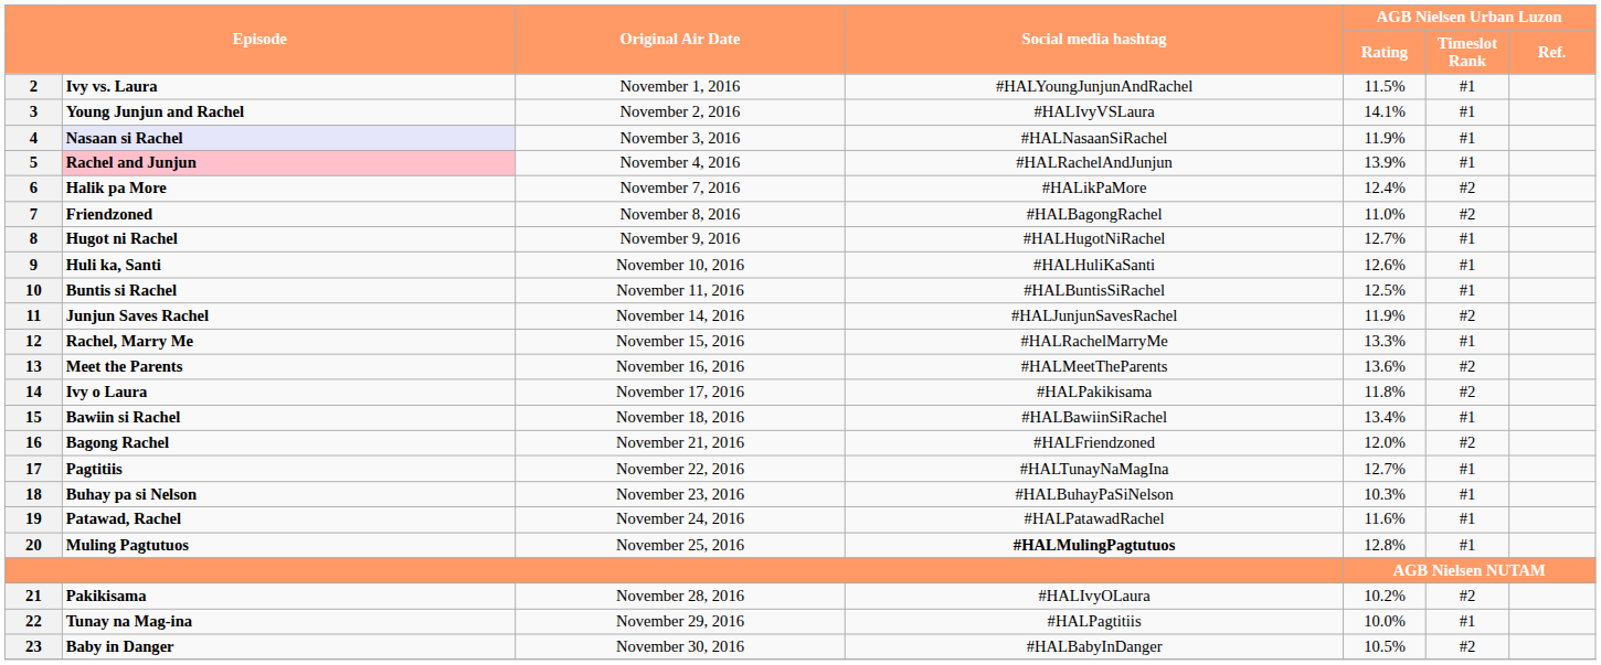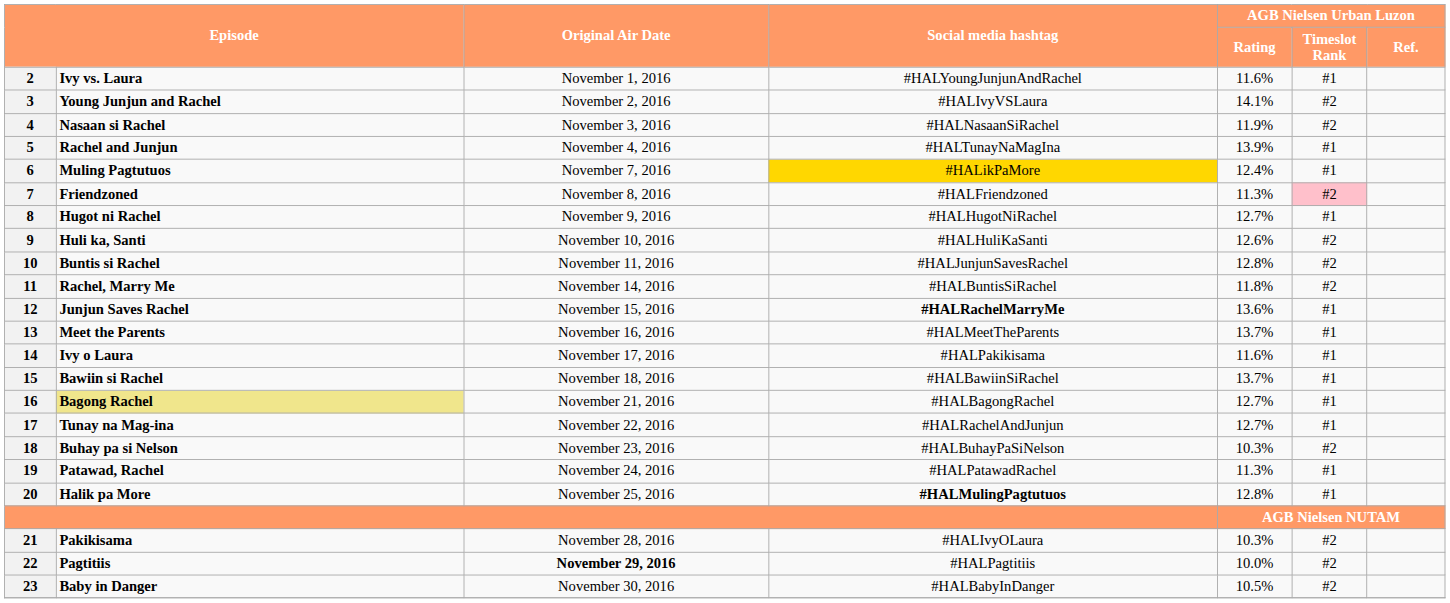 <table class="wikitable" style="text-align:center; font-size:100%; line-height:18px;"  width="100%">
 <tr>
 <th colspan="2" rowspan="2" style="background-color:#FF9966; color:#ffffff;">Episode</th>
 <th style="background:#FF9966; color:white" rowspan="2">Original Air Date</th>
 <th style="background:#FF9966; color:white" rowspan="2">Social media hashtag</th>
 <th style="background-color:#FF9966; color:#ffffff;" colspan="3">AGB Nielsen Urban Luzon</th>
 </tr>
 <tr>
 <th style="background-color:#FF9966; width:75px; color:#ffffff;">Rating</th>
 <th style="background-color:#FF9966; width:75px; color:#ffffff;">Timeslot<br>Rank</th>
 <th style="background-color:#FF9966; color:#ffffff;">Ref.</th>
 </tr>
 <tr>
 <th>2</th>
 <td style="text-align: left;"><strong>Ivy vs. Laura</strong></td>
 <td>November 1, 2016</td>
 <td>#HALYoungJunjunAndRachel</td>
-<td>11.5%</td>
+<td>11.6%</td>
 <td>#1</td>
 <td></td>
 </tr>
 <tr>
 <th>3</th>
 <td style="text-align: left;"><strong>Young Junjun and Rachel</strong></td>
 <td>November 2, 2016</td>
 <td>#HALIvyVSLaura</td>
 <td>14.1%</td>
-<td>#1</td>
+<td>#2</td>
 <td></td>
 </tr>
 <tr>
 <th>4</th>
-<td style="background: lavender; text-align: left;"><strong>Nasaan si Rachel</strong></td>
+<td style="text-align: left;"><strong>Nasaan si Rachel</strong></td>
 <td>November 3, 2016</td>
 <td>#HALNasaanSiRachel</td>
 <td>11.9%</td>
-<td>#1</td>
+<td>#2</td>
 <td></td>
 </tr>
 <tr>
 <th>5</th>
-<td style="background: pink; text-align: left;"><strong>Rachel and Junjun</strong></td>
+<td style="text-align: left;"><strong>Rachel and Junjun</strong></td>
 <td>November 4, 2016</td>
-<td>#HALRachelAndJunjun</td>
+<td>#HALTunayNaMagIna</td>
 <td>13.9%</td>
 <td>#1</td>
 <td></td>
 </tr>
 <tr>
 <th>6</th>
-<td style="text-align: left;"><strong>Halik pa More</strong></td>
+<td style="text-align: left;"><strong>Muling Pagtutuos</strong></td>
 <td>November 7, 2016</td>
-<td>#HALikPaMore</td>
+<td style="background: gold;">#HALikPaMore</td>
 <td>12.4%</td>
-<td>#2</td>
+<td>#1</td>
 <td></td>
 </tr>
 <tr>
 <th>7</th>
 <td style="text-align: left;"><strong>Friendzoned</strong></td>
 <td>November 8, 2016</td>
-<td>#HALBagongRachel</td>
-<td>11.0%</td>
-<td>#2</td>
+<td>#HALFriendzoned</td>
+<td>11.3%</td>
+<td style="background: pink;">#2</td>
 <td></td>
 </tr>
 <tr>
 <th>8</th>
 <td style="text-align: left;"><strong>Hugot ni Rachel</strong></td>
 <td>November 9, 2016</td>
 <td>#HALHugotNiRachel</td>
 <td>12.7%</td>
 <td>#1</td>
 <td></td>
 </tr>
 <tr>
 <th>9</th>
 <td style="text-align: left;"><strong>Huli ka, Santi</strong></td>
 <td>November 10, 2016</td>
 <td>#HALHuliKaSanti</td>
 <td>12.6%</td>
-<td>#1</td>
+<td>#2</td>
 <td></td>
 </tr>
 <tr>
 <th>10</th>
 <td style="text-align: left;"><strong>Buntis si Rachel</strong></td>
 <td>November 11, 2016</td>
-<td>#HALBuntisSiRachel</td>
-<td>12.5%</td>
-<td>#1</td>
+<td>#HALJunjunSavesRachel</td>
+<td>12.8%</td>
+<td>#2</td>
 <td></td>
 </tr>
 <tr>
 <th>11</th>
-<td style="text-align: left;"><strong>Junjun Saves Rachel</strong></td>
+<td style="text-align: left;"><strong>Rachel, Marry Me</strong></td>
 <td>November 14, 2016</td>
-<td>#HALJunjunSavesRachel</td>
-<td>11.9%</td>
+<td>#HALBuntisSiRachel</td>
+<td>11.8%</td>
 <td>#2</td>
 <td></td>
 </tr>
 <tr>
 <th>12</th>
-<td style="text-align: left;"><strong>Rachel, Marry Me</strong></td>
+<td style="text-align: left;"><strong>Junjun Saves Rachel</strong></td>
 <td>November 15, 2016</td>
-<td>#HALRachelMarryMe</td>
-<td>13.3%</td>
+<td><strong>#HALRachelMarryMe</strong></td>
+<td>13.6%</td>
 <td>#1</td>
 <td></td>
 </tr>
 <tr>
 <th>13</th>
 <td style="text-align: left;"><strong>Meet the Parents</strong></td>
 <td>November 16, 2016</td>
 <td>#HALMeetTheParents</td>
-<td>13.6%</td>
-<td>#2</td>
+<td>13.7%</td>
+<td>#1</td>
 <td></td>
 </tr>
 <tr>
 <th>14</th>
 <td style="text-align: left;"><strong>Ivy o Laura</strong></td>
 <td>November 17, 2016</td>
 <td>#HALPakikisama</td>
-<td>11.8%</td>
-<td>#2</td>
+<td>11.6%</td>
+<td>#1</td>
 <td></td>
 </tr>
 <tr>
 <th>15</th>
 <td style="text-align: left;"><strong>Bawiin si Rachel</strong></td>
 <td>November 18, 2016</td>
 <td>#HALBawiinSiRachel</td>
-<td>13.4%</td>
+<td>13.7%</td>
 <td>#1</td>
 <td></td>
 </tr>
 <tr>
 <th>16</th>
-<td style="text-align: left;"><strong>Bagong Rachel</strong></td>
+<td style="background: khaki; text-align: left;"><strong>Bagong Rachel</strong></td>
 <td>November 21, 2016</td>
-<td>#HALFriendzoned</td>
-<td>12.0%</td>
-<td>#2</td>
+<td>#HALBagongRachel</td>
+<td>12.7%</td>
+<td>#1</td>
 <td></td>
 </tr>
 <tr>
 <th>17</th>
-<td style="text-align: left;"><strong>Pagtitiis</strong></td>
+<td style="text-align: left;"><strong>Tunay na Mag-ina</strong></td>
 <td>November 22, 2016</td>
-<td>#HALTunayNaMagIna</td>
+<td>#HALRachelAndJunjun</td>
 <td>12.7%</td>
 <td>#1</td>
 <td></td>
 </tr>
 <tr>
 <th>18</th>
 <td style="text-align: left;"><strong>Buhay pa si Nelson</strong></td>
 <td>November 23, 2016</td>
 <td>#HALBuhayPaSiNelson</td>
 <td>10.3%</td>
-<td>#1</td>
+<td>#2</td>
 <td></td>
 </tr>
 <tr>
 <th>19</th>
 <td style="text-align: left;"><strong>Patawad, Rachel</strong></td>
 <td>November 24, 2016</td>
 <td>#HALPatawadRachel</td>
-<td>11.6%</td>
+<td>11.3%</td>
 <td>#1</td>
 <td></td>
 </tr>
 <tr>
 <th>20</th>
-<td style="text-align: left;"><strong>Muling Pagtutuos</strong></td>
+<td style="text-align: left;"><strong>Halik pa More</strong></td>
 <td>November 25, 2016</td>
 <td><strong>#HALMulingPagtutuos</strong></td>
 <td>12.8%</td>
 <td>#1</td>
 <td></td>
 </tr>
 <tr>
 <th style="background-color:#FF9966; color:#ffffff;" colspan="4"></th>
 <th style="background-color:#FF9966; color:#ffffff;" colspan="3">AGB Nielsen NUTAM</th>
 </tr>
 <tr>
 <th>21</th>
 <td style="text-align: left;"><strong>Pakikisama</strong></td>
 <td>November 28, 2016</td>
 <td>#HALIvyOLaura</td>
-<td>10.2%</td>
+<td>10.3%</td>
 <td>#2</td>
 <td></td>
 </tr>
 <tr>
 <th>22</th>
-<td style="text-align: left;"><strong>Tunay na Mag-ina</strong></td>
-<td>November 29, 2016</td>
+<td style="text-align: left;"><strong>Pagtitiis</strong></td>
+<td><strong>November 29, 2016</strong></td>
 <td>#HALPagtitiis</td>
 <td>10.0%</td>
-<td>#1</td>
+<td>#2</td>
 <td></td>
 </tr>
 <tr>
 <th>23</th>
 <td style="text-align: left;"><strong>Baby in Danger</strong></td>
 <td>November 30, 2016</td>
 <td>#HALBabyInDanger</td>
 <td>10.5%</td>
 <td>#2</td>
 <td></td>
 </tr>
 <tr>
 </tr>
 </table>
